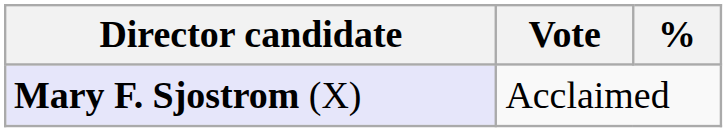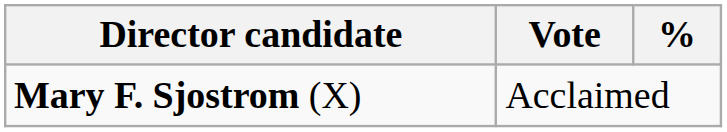 <table class="wikitable">
 <tr>
 <th width="200px">Director candidate</th>
 <th width="50px">Vote</th>
 <th width="30px">%</th>
 </tr>
 <tr>
-<td style="background: lavender;"><strong>Mary F. Sjostrom</strong> (X) </td>
+<td><strong>Mary F. Sjostrom</strong> (X) </td>
 <td colspan="2">Acclaimed</td>
 </tr>
 </table>
